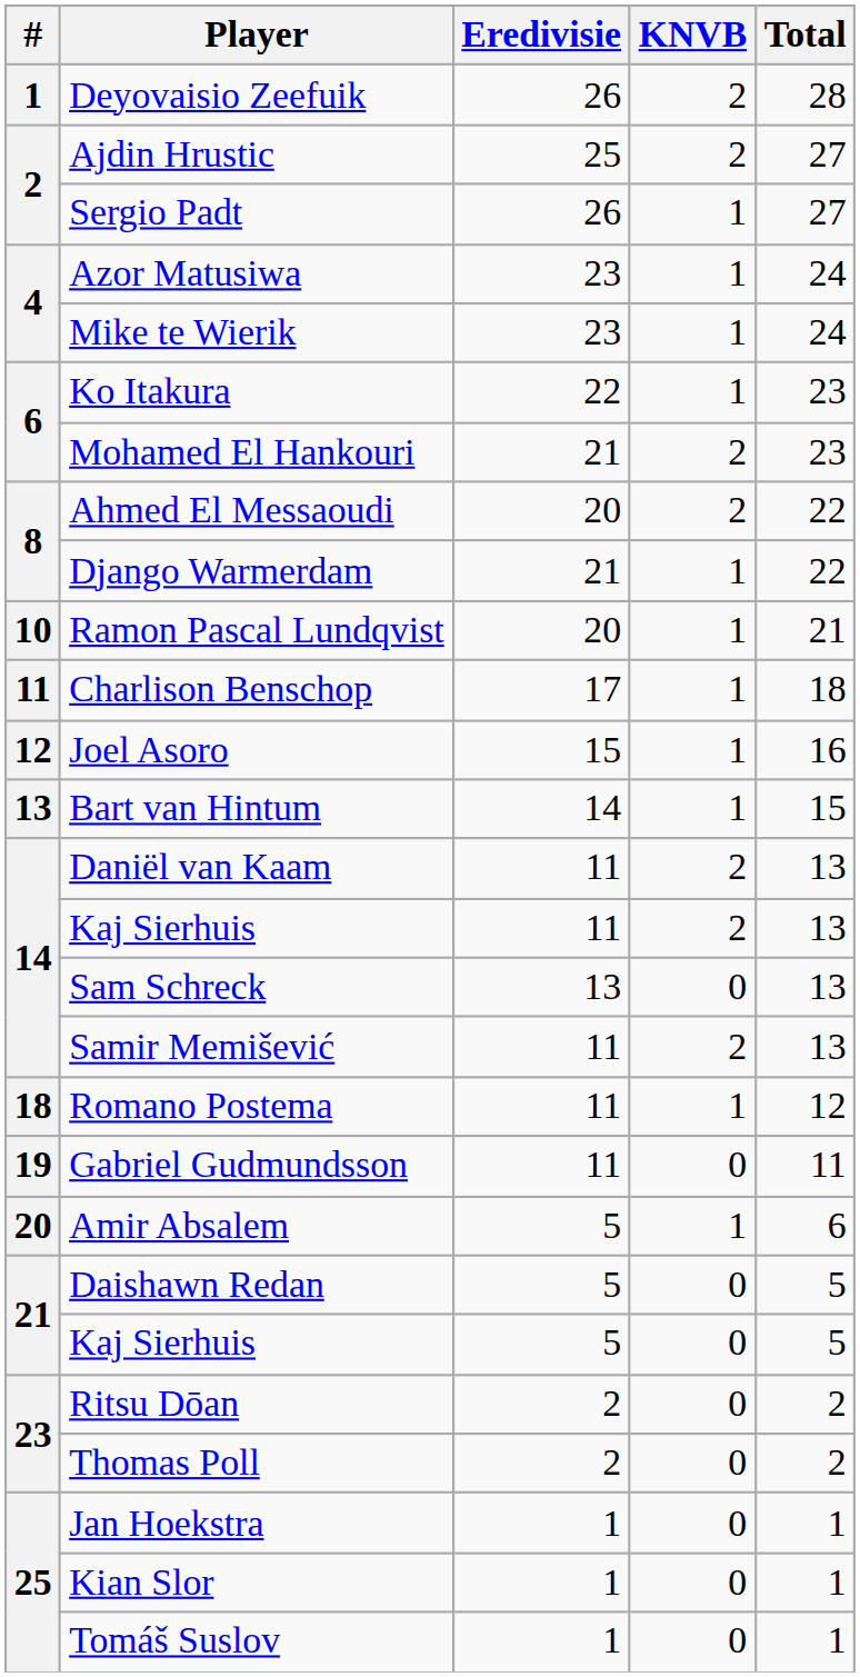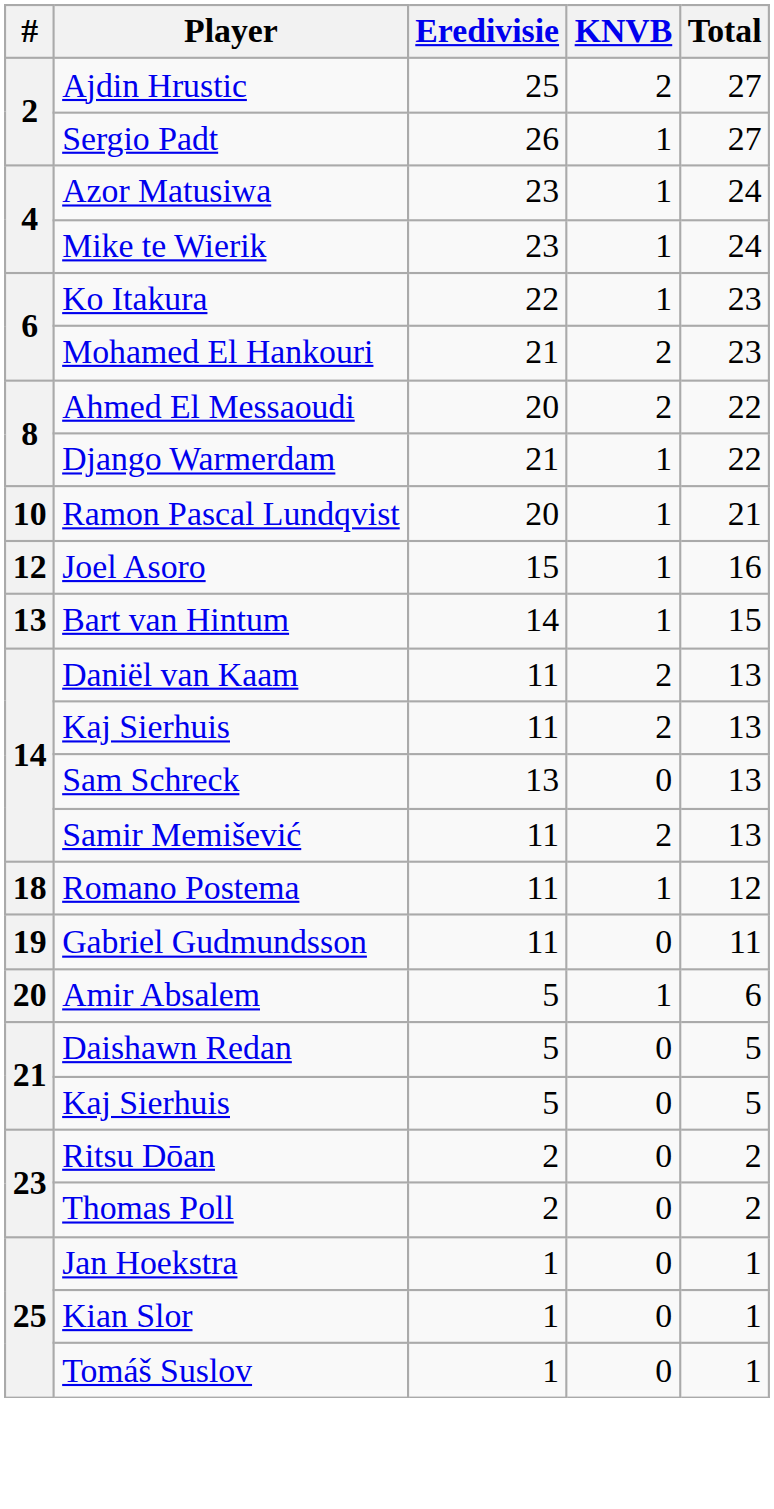 <table class="wikitable" style="text-align:right;">
 <tr>
 <th>#</th>
 <th>Player</th>
 <th><a href='#'>Eredivisie</a></th>
 <th><a href='#'>KNVB</a></th>
 <th>Total</th>
-</tr>
-<tr>
-<th align=center>1</th>
-<td align=left> <a href='#'>Deyovaisio Zeefuik</a></td>
-<td>26</td>
-<td>2</td>
-<td>28</td>
 </tr>
 <tr>
 <th rowspan=2 align=center>2</th>
 <td align=left> <a href='#'>Ajdin Hrustic</a></td>
 <td>25</td>
 <td>2</td>
 <td>27</td>
 </tr>
 <tr>
 <td align=left> <a href='#'>Sergio Padt</a></td>
 <td>26</td>
 <td>1</td>
 <td>27</td>
 </tr>
 <tr>
 <th rowspan=2 align=center>4</th>
 <td align=left> <a href='#'>Azor Matusiwa</a></td>
 <td>23</td>
 <td>1</td>
 <td>24</td>
 </tr>
 <tr>
 <td align=left> <a href='#'>Mike te Wierik</a></td>
 <td>23</td>
 <td>1</td>
 <td>24</td>
 </tr>
 <tr>
 <th rowspan=2 align=center>6</th>
 <td align=left> <a href='#'>Ko Itakura</a></td>
 <td>22</td>
 <td>1</td>
 <td>23</td>
 </tr>
 <tr>
 <td align=left> <a href='#'>Mohamed El Hankouri</a></td>
 <td>21</td>
 <td>2</td>
 <td>23</td>
 </tr>
 <tr>
 <th rowspan=2 align=center>8</th>
 <td align=left> <a href='#'>Ahmed El Messaoudi</a></td>
 <td>20</td>
 <td>2</td>
 <td>22</td>
 </tr>
 <tr>
 <td align=left> <a href='#'>Django Warmerdam</a></td>
 <td>21</td>
 <td>1</td>
 <td>22</td>
 </tr>
 <tr>
 <th align=center>10</th>
 <td align=left> <a href='#'>Ramon Pascal Lundqvist</a></td>
 <td>20</td>
 <td>1</td>
 <td>21</td>
-</tr>
-<tr>
-<th align=center>11</th>
-<td align=left> <a href='#'>Charlison Benschop</a></td>
-<td>17</td>
-<td>1</td>
-<td>18</td>
 </tr>
 <tr>
 <th align=center>12</th>
 <td align=left> <a href='#'>Joel Asoro</a></td>
 <td>15</td>
 <td>1</td>
 <td>16</td>
 </tr>
 <tr>
 <th align=center>13</th>
 <td align=left> <a href='#'>Bart van Hintum</a></td>
 <td>14</td>
 <td>1</td>
 <td>15</td>
 </tr>
 <tr>
 <th rowspan=4 align=center>14</th>
 <td align=left> <a href='#'>Daniël van Kaam</a></td>
 <td>11</td>
 <td>2</td>
 <td>13</td>
 </tr>
 <tr>
 <td align=left> <a href='#'>Kaj Sierhuis</a></td>
 <td>11</td>
 <td>2</td>
 <td>13</td>
 </tr>
 <tr>
 <td align=left> <a href='#'>Sam Schreck</a></td>
 <td>13</td>
 <td>0</td>
 <td>13</td>
 </tr>
 <tr>
 <td align=left> <a href='#'>Samir Memišević</a></td>
 <td>11</td>
 <td>2</td>
 <td>13</td>
 </tr>
 <tr>
 <th align=center>18</th>
 <td align=left> <a href='#'>Romano Postema</a></td>
 <td>11</td>
 <td>1</td>
 <td>12</td>
 </tr>
 <tr>
 <th align=center>19</th>
 <td align=left> <a href='#'>Gabriel Gudmundsson</a></td>
 <td>11</td>
 <td>0</td>
 <td>11</td>
 </tr>
 <tr>
 <th align=center>20</th>
 <td align=left> <a href='#'>Amir Absalem</a></td>
 <td>5</td>
 <td>1</td>
 <td>6</td>
 </tr>
 <tr>
 <th rowspan=2 align=center>21</th>
 <td align=left> <a href='#'>Daishawn Redan</a></td>
 <td>5</td>
 <td>0</td>
 <td>5</td>
 </tr>
 <tr>
 <td align=left> <a href='#'>Kaj Sierhuis</a></td>
 <td>5</td>
 <td>0</td>
 <td>5</td>
 </tr>
 <tr>
 <th rowspan=2 align=center>23</th>
 <td align=left> <a href='#'>Ritsu Dōan</a></td>
 <td>2</td>
 <td>0</td>
 <td>2</td>
 </tr>
 <tr>
 <td align=left> <a href='#'>Thomas Poll</a></td>
 <td>2</td>
 <td>0</td>
 <td>2</td>
 </tr>
 <tr>
 <th rowspan=3 align=center>25</th>
 <td align=left> <a href='#'>Jan Hoekstra</a></td>
 <td>1</td>
 <td>0</td>
 <td>1</td>
 </tr>
 <tr>
 <td align=left> <a href='#'>Kian Slor</a></td>
 <td>1</td>
 <td>0</td>
 <td>1</td>
 </tr>
 <tr>
 <td align=left> <a href='#'>Tomáš Suslov</a></td>
 <td>1</td>
 <td>0</td>
 <td>1</td>
 </tr>
 </table>
